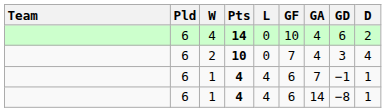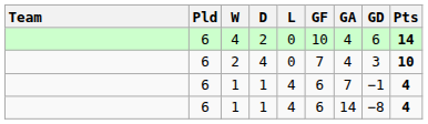 <table class="wikitable" style="text-align:center">
 <tr>
 <th width=165 style="text-align:left">Team</th>
 <th width=20>Pld</th>
 <th width=20>W</th>
-<th width=20>Pts</th>
+<th width=20>D</th>
 <th width=20>L</th>
 <th width=20>GF</th>
 <th width=20>GA</th>
 <th width=20>GD</th>
-<th width=20>D</th>
+<th width=20>Pts</th>
 </tr>
 <tr style="background:#ccffcc">
 <td style="text-align:left"></td>
 <td>6</td>
 <td>4</td>
-<td><strong>14</strong></td>
+<td>2</td>
 <td>0</td>
 <td>10</td>
 <td>4</td>
 <td>6</td>
-<td>2</td>
+<td><strong>14</strong></td>
 </tr>
 <tr>
 <td style="text-align:left"></td>
 <td>6</td>
 <td>2</td>
-<td><strong>10</strong></td>
+<td>4</td>
 <td>0</td>
 <td>7</td>
 <td>4</td>
 <td>3</td>
-<td>4</td>
+<td><strong>10</strong></td>
 </tr>
 <tr>
 <td style="text-align:left"></td>
 <td>6</td>
 <td>1</td>
-<td><strong>4</strong></td>
+<td>1</td>
 <td>4</td>
 <td>6</td>
 <td>7</td>
 <td>−1</td>
-<td>1</td>
+<td><strong>4</strong></td>
 </tr>
 <tr>
 <td style="text-align:left"></td>
 <td>6</td>
 <td>1</td>
-<td><strong>4</strong></td>
+<td>1</td>
 <td>4</td>
 <td>6</td>
 <td>14</td>
 <td>−8</td>
-<td>1</td>
+<td><strong>4</strong></td>
 </tr>
 </table>
